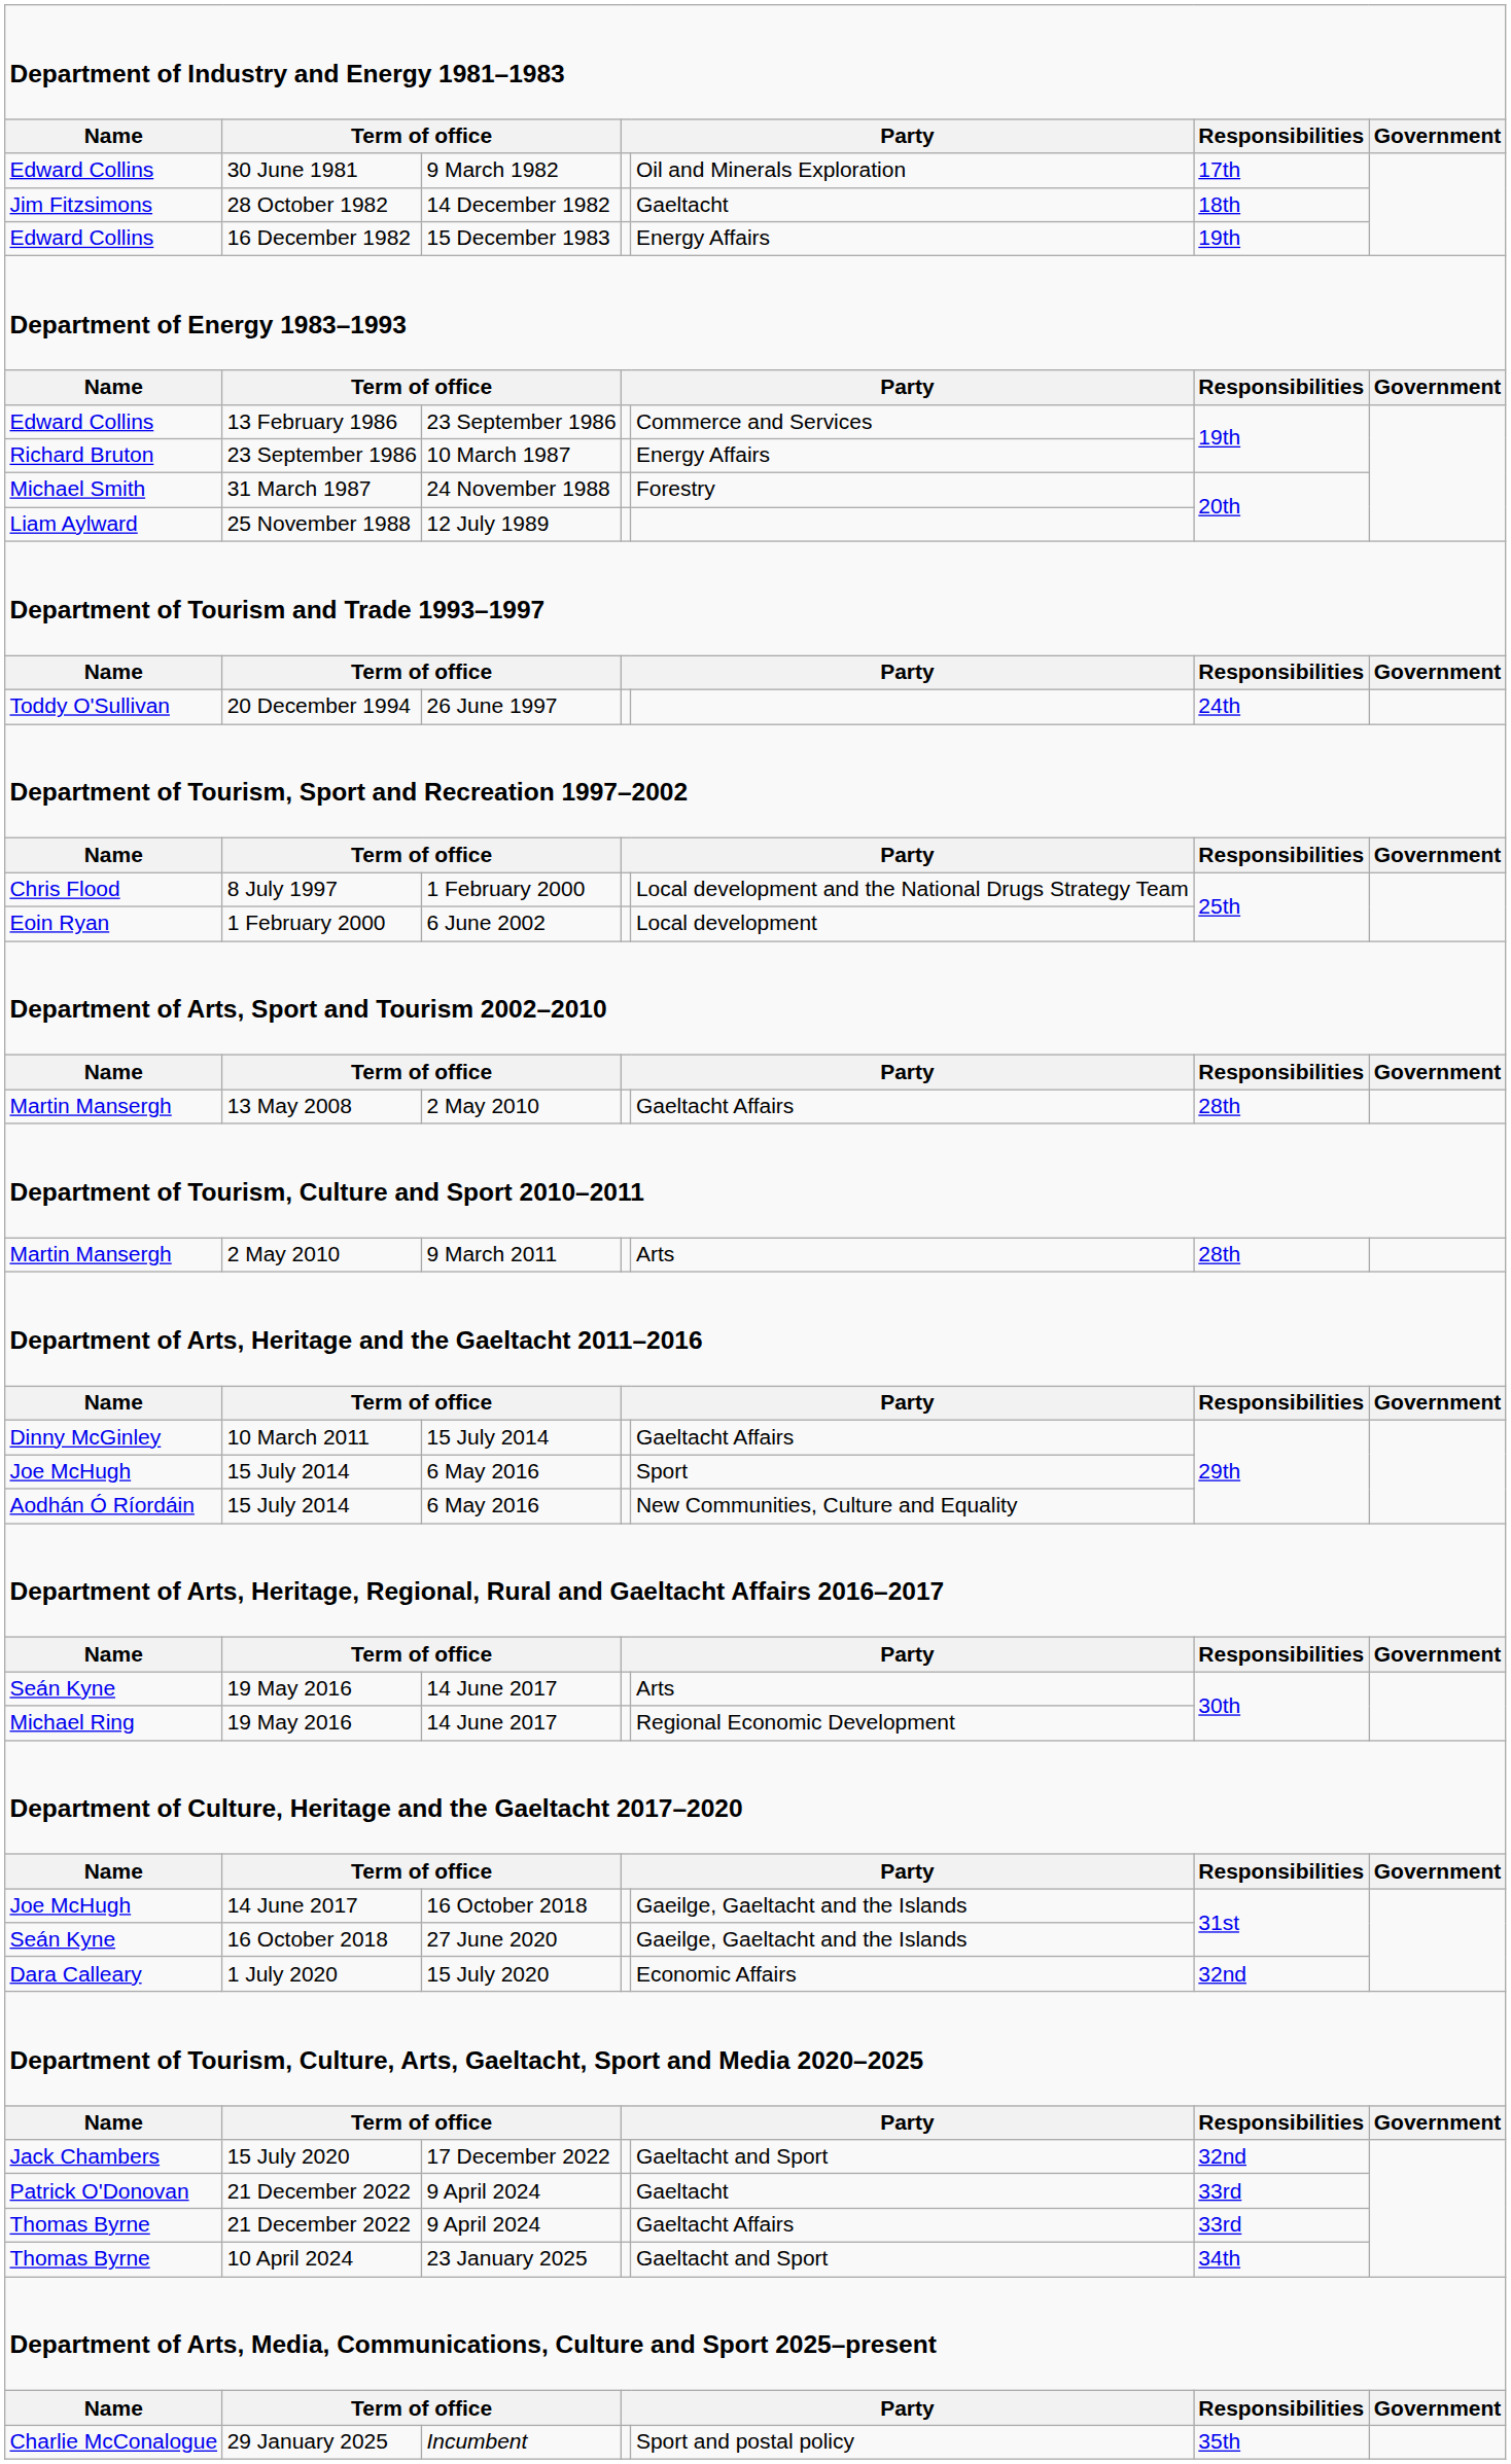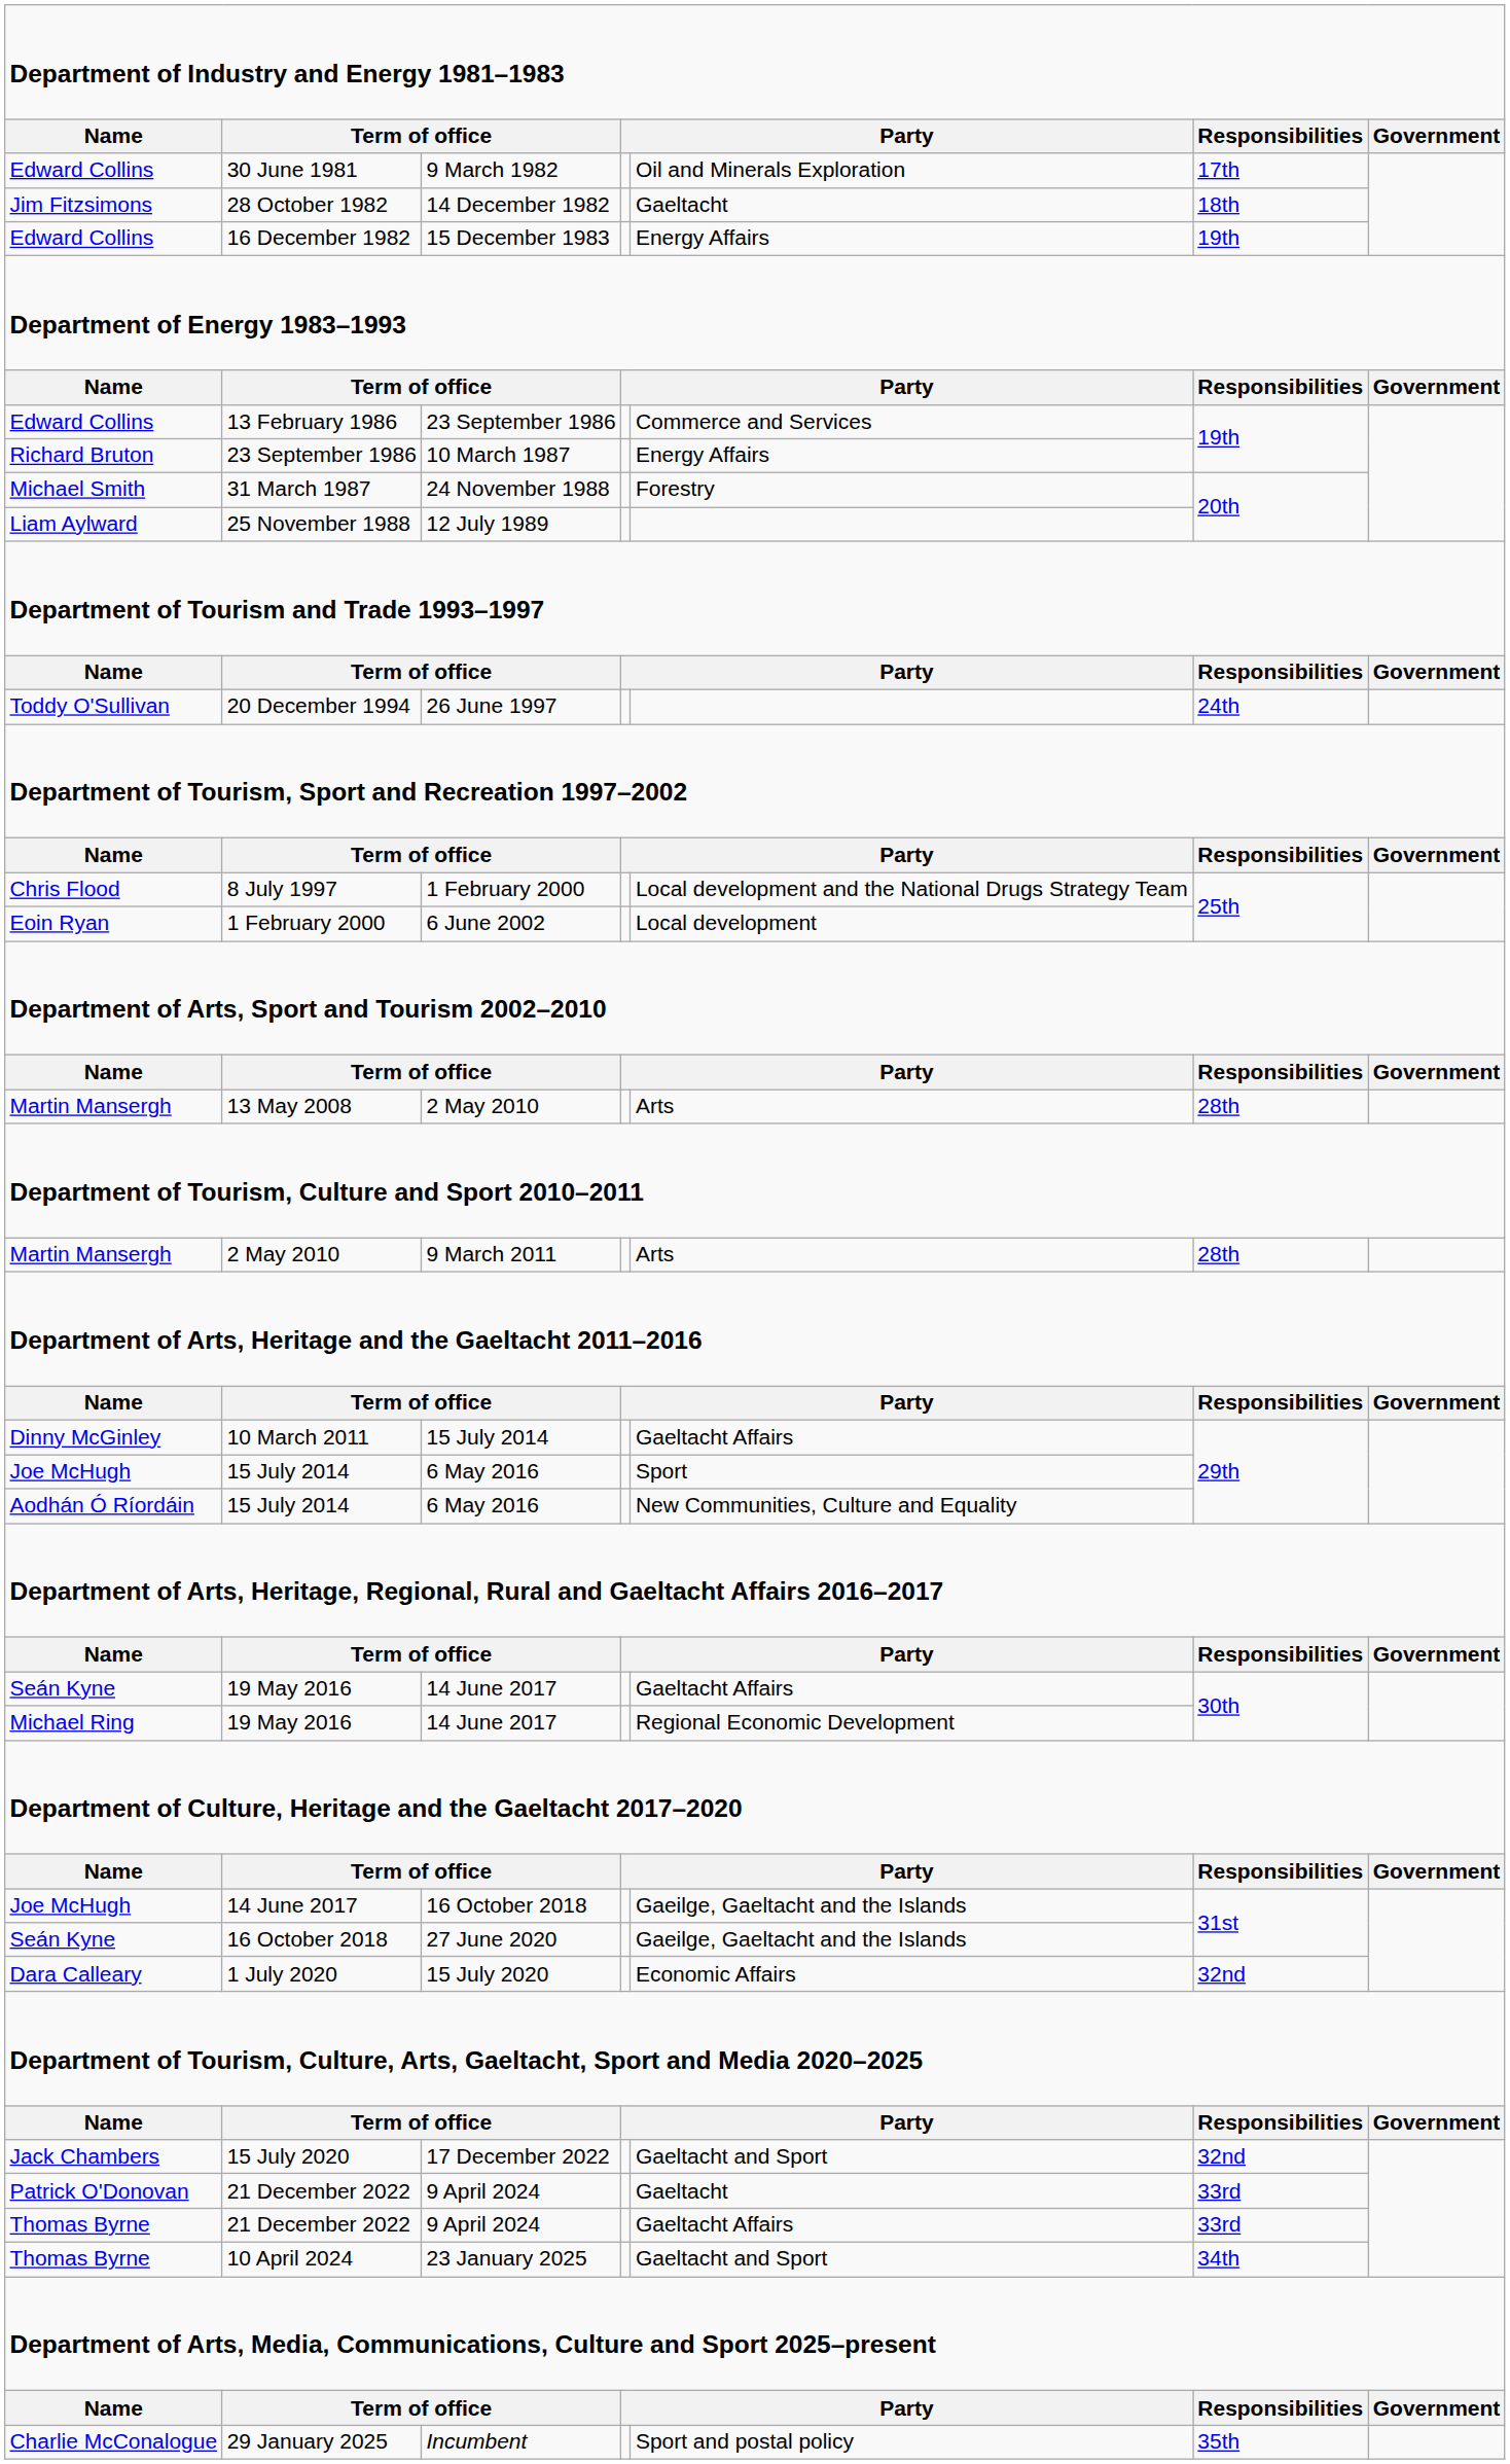 <table class="wikitable">
 <tr>
 <td colspan="7"><br><h3>Department of Industry and Energy 1981–1983</h3></td>
 </tr>
 <tr>
 <th>Name</th>
 <th colspan=2>Term of office</th>
 <th colspan=2>Party</th>
 <th>Responsibilities</th>
 <th>Government</th>
 </tr>
 <tr>
 <td><a href='#'>Edward Collins</a></td>
 <td>30 June 1981</td>
 <td>9 March 1982</td>
 <td></td>
 <td>Oil and Minerals Exploration</td>
 <td><a href='#'>17th</a></td>
 </tr>
 <tr>
 <td><a href='#'>Jim Fitzsimons</a></td>
 <td>28 October 1982</td>
 <td>14 December 1982</td>
 <td></td>
 <td>Gaeltacht</td>
 <td><a href='#'>18th</a></td>
 </tr>
 <tr>
 <td><a href='#'>Edward Collins</a></td>
 <td>16 December 1982</td>
 <td>15 December 1983</td>
 <td></td>
 <td>Energy Affairs</td>
 <td><a href='#'>19th</a></td>
 </tr>
 <tr>
 <td colspan="7"><br><h3>Department of Energy 1983–1993</h3></td>
 </tr>
 <tr>
 <th>Name</th>
 <th colspan=2>Term of office</th>
 <th colspan=2>Party</th>
 <th>Responsibilities</th>
 <th>Government</th>
 </tr>
 <tr>
 <td><a href='#'>Edward Collins</a></td>
 <td>13 February 1986</td>
 <td>23 September 1986</td>
 <td></td>
 <td>Commerce and Services</td>
 <td rowspan=2><a href='#'>19th</a></td>
 </tr>
 <tr>
 <td><a href='#'>Richard Bruton</a></td>
 <td>23 September 1986</td>
 <td>10 March 1987</td>
 <td></td>
 <td>Energy Affairs</td>
 </tr>
 <tr>
 <td><a href='#'>Michael Smith</a></td>
 <td>31 March 1987</td>
 <td>24 November 1988</td>
 <td></td>
 <td>Forestry</td>
 <td rowspan=2><a href='#'>20th</a></td>
 </tr>
 <tr>
 <td><a href='#'>Liam Aylward</a></td>
 <td>25 November 1988</td>
 <td>12 July 1989</td>
 <td></td>
 <td></td>
 </tr>
 <tr>
 <td colspan="7"><br><h3>Department of Tourism and Trade 1993–1997</h3></td>
 </tr>
 <tr>
 <th>Name</th>
 <th colspan=2>Term of office</th>
 <th colspan=2>Party</th>
 <th>Responsibilities</th>
 <th>Government</th>
 </tr>
 <tr>
 <td><a href='#'>Toddy O'Sullivan</a></td>
 <td>20 December 1994</td>
 <td>26 June 1997</td>
 <td></td>
 <td></td>
 <td><a href='#'>24th</a></td>
 </tr>
 <tr>
 <td colspan="7"><br><h3>Department of Tourism, Sport and Recreation 1997–2002</h3></td>
 </tr>
 <tr>
 <th>Name</th>
 <th colspan=2>Term of office</th>
 <th colspan=2>Party</th>
 <th>Responsibilities</th>
 <th>Government</th>
 </tr>
 <tr>
 <td><a href='#'>Chris Flood</a></td>
 <td>8 July 1997</td>
 <td>1 February 2000</td>
 <td></td>
 <td>Local development and the National Drugs Strategy Team</td>
 <td rowspan=2><a href='#'>25th</a></td>
 </tr>
 <tr>
 <td><a href='#'>Eoin Ryan</a></td>
 <td>1 February 2000</td>
 <td>6 June 2002</td>
 <td></td>
 <td>Local development</td>
 </tr>
 <tr>
 <td colspan="7"><br><h3>Department of Arts, Sport and Tourism 2002–2010</h3></td>
 </tr>
 <tr>
 <th>Name</th>
 <th colspan=2>Term of office</th>
 <th colspan=2>Party</th>
 <th>Responsibilities</th>
 <th>Government</th>
 </tr>
 <tr>
 <td><a href='#'>Martin Mansergh</a></td>
 <td>13 May 2008</td>
 <td>2 May 2010</td>
 <td></td>
-<td>Gaeltacht Affairs</td>
+<td>Arts</td>
 <td><a href='#'>28th</a></td>
 </tr>
 <tr>
 <td colspan="7"><br><h3>Department of Tourism, Culture and Sport 2010–2011</h3></td>
 </tr>
 <tr>
 <td><a href='#'>Martin Mansergh</a></td>
 <td>2 May 2010</td>
 <td>9 March 2011</td>
 <td></td>
 <td>Arts</td>
 <td><a href='#'>28th</a></td>
 </tr>
 <tr>
 <td colspan="7"><br><h3>Department of Arts, Heritage and the Gaeltacht 2011–2016</h3></td>
 </tr>
 <tr>
 <th>Name</th>
 <th colspan=2>Term of office</th>
 <th colspan=2>Party</th>
 <th>Responsibilities</th>
 <th>Government</th>
 </tr>
 <tr>
 <td><a href='#'>Dinny McGinley</a></td>
 <td>10 March 2011</td>
 <td>15 July 2014</td>
 <td></td>
 <td>Gaeltacht Affairs</td>
 <td rowspan=3><a href='#'>29th</a></td>
 </tr>
 <tr>
 <td><a href='#'>Joe McHugh</a></td>
 <td>15 July 2014</td>
 <td>6 May 2016</td>
 <td></td>
 <td>Sport</td>
 </tr>
 <tr>
 <td><a href='#'>Aodhán Ó Ríordáin</a></td>
 <td>15 July 2014</td>
 <td>6 May 2016</td>
 <td></td>
 <td>New Communities, Culture and Equality</td>
 </tr>
 <tr>
 <td colspan="7"><br><h3>Department of Arts, Heritage, Regional, Rural and Gaeltacht Affairs 2016–2017</h3></td>
 </tr>
 <tr>
 <th>Name</th>
 <th colspan=2>Term of office</th>
 <th colspan=2>Party</th>
 <th>Responsibilities</th>
 <th>Government</th>
 </tr>
 <tr>
 <td><a href='#'>Seán Kyne</a></td>
 <td>19 May 2016</td>
 <td>14 June 2017</td>
 <td></td>
-<td>Arts</td>
+<td>Gaeltacht Affairs</td>
 <td rowspan=2><a href='#'>30th</a></td>
 </tr>
 <tr>
 <td><a href='#'>Michael Ring</a></td>
 <td>19 May 2016</td>
 <td>14 June 2017</td>
 <td></td>
 <td>Regional Economic Development</td>
 </tr>
 <tr>
 <td colspan="7"><br><h3>Department of Culture, Heritage and the Gaeltacht 2017–2020</h3></td>
 </tr>
 <tr>
 <th>Name</th>
 <th colspan=2>Term of office</th>
 <th colspan=2>Party</th>
 <th>Responsibilities</th>
 <th>Government</th>
 </tr>
 <tr>
 <td><a href='#'>Joe McHugh</a></td>
 <td>14 June 2017</td>
 <td>16 October 2018</td>
 <td></td>
 <td>Gaeilge, Gaeltacht and the Islands</td>
 <td rowspan=2><a href='#'>31st</a></td>
 </tr>
 <tr>
 <td><a href='#'>Seán Kyne</a></td>
 <td>16 October 2018</td>
 <td>27 June 2020</td>
 <td></td>
 <td>Gaeilge, Gaeltacht and the Islands</td>
 </tr>
 <tr>
 <td><a href='#'>Dara Calleary</a></td>
 <td>1 July 2020</td>
 <td>15 July 2020</td>
 <td></td>
 <td>Economic Affairs</td>
 <td><a href='#'>32nd</a></td>
 </tr>
 <tr>
 <td colspan="7"><br><h3>Department of Tourism, Culture, Arts, Gaeltacht, Sport and Media 2020–2025</h3></td>
 </tr>
 <tr>
 <th>Name</th>
 <th colspan=2>Term of office</th>
 <th colspan=2>Party</th>
 <th>Responsibilities</th>
 <th>Government</th>
 </tr>
 <tr>
 <td><a href='#'>Jack Chambers</a></td>
 <td>15 July 2020</td>
 <td>17 December 2022</td>
 <td></td>
 <td>Gaeltacht and Sport</td>
 <td><a href='#'>32nd</a></td>
 </tr>
 <tr>
 <td><a href='#'>Patrick O'Donovan</a></td>
 <td>21 December 2022</td>
 <td>9 April 2024</td>
 <td></td>
 <td>Gaeltacht</td>
 <td><a href='#'>33rd</a></td>
 </tr>
 <tr>
 <td><a href='#'>Thomas Byrne</a></td>
 <td>21 December 2022</td>
 <td>9 April 2024</td>
 <td></td>
 <td>Gaeltacht Affairs</td>
 <td><a href='#'>33rd</a></td>
 </tr>
 <tr>
 <td><a href='#'>Thomas Byrne</a></td>
 <td>10 April 2024</td>
 <td>23 January 2025</td>
 <td></td>
 <td>Gaeltacht and Sport</td>
 <td><a href='#'>34th</a></td>
 </tr>
 <tr>
 <td colspan="7"><br><h3>Department of Arts, Media, Communications, Culture and Sport 2025–present</h3></td>
 </tr>
 <tr>
 <th>Name</th>
 <th colspan=2>Term of office</th>
 <th colspan=2>Party</th>
 <th>Responsibilities</th>
 <th>Government</th>
 </tr>
 <tr>
 <td><a href='#'>Charlie McConalogue</a></td>
 <td>29 January 2025</td>
 <td><em>Incumbent</em></td>
 <td></td>
 <td>Sport and postal policy</td>
 <td><a href='#'>35th</a></td>
 </tr>
 </table>
